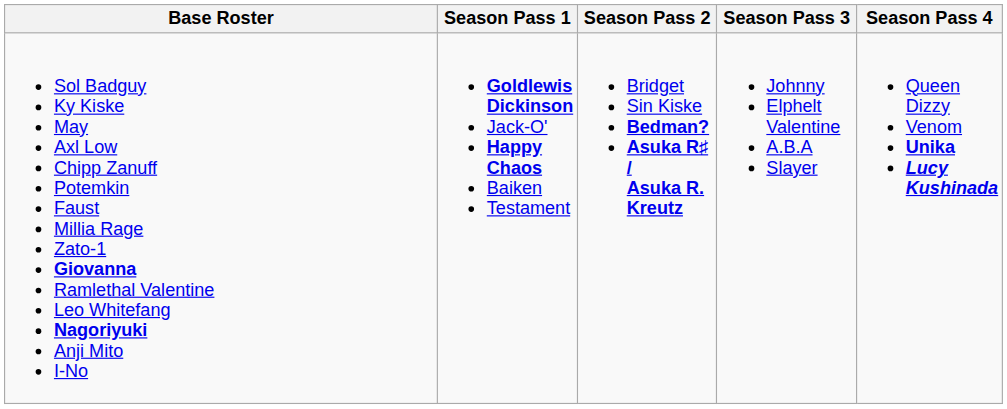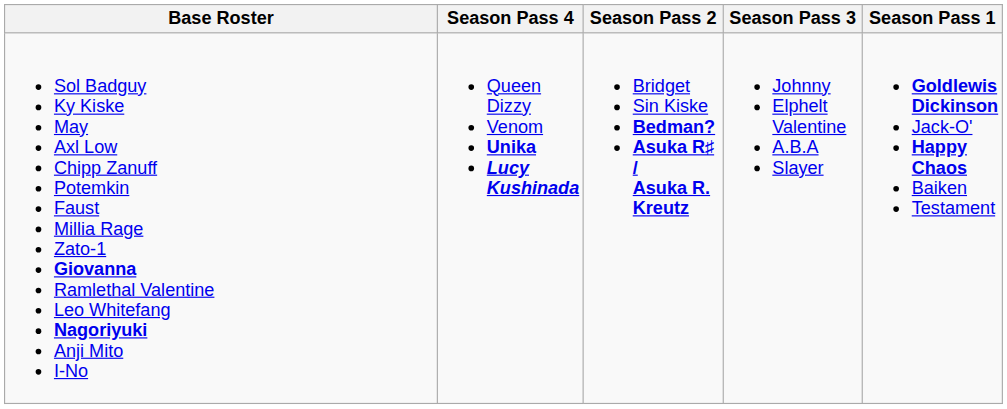 <table class="wikitable" style="width: 100%; max-width: 75em;">
 <tr>
 <th scope="col" style="width: 44%">Base Roster</th>
-<th scope="col" style="width: 14%">Season Pass 1</th>
+<th scope="col" style="width: 14%">Season Pass 4</th>
 <th scope="col" style="width: 14%">Season Pass 2</th>
 <th scope="col" style="width: 14%">Season Pass 3</th>
-<th scope="col" style="width: 14%">Season Pass 4</th>
+<th scope="col" style="width: 14%">Season Pass 1</th>
 </tr>
 <tr>
 <td style="vertical-align: top;"><br><ul><li><a href='#'>Sol Badguy</a></li><li><a href='#'>Ky Kiske</a></li><li><a href='#'>May</a></li><li><a href='#'>Axl Low</a></li><li><a href='#'>Chipp Zanuff</a></li><li><a href='#'>Potemkin</a></li><li><a href='#'>Faust</a></li><li><a href='#'>Millia Rage</a></li><li><a href='#'>Zato-1</a></li><li><strong><a href='#'>Giovanna</a></strong></li><li><a href='#'>Ramlethal Valentine</a></li><li><a href='#'>Leo Whitefang</a></li><li><strong><a href='#'>Nagoriyuki</a></strong></li><li><a href='#'>Anji Mito</a></li><li><a href='#'>I-No</a></li></ul></td>
-<td style="vertical-align: top;"><br><ul><li><strong><a href='#'>Goldlewis Dickinson</a></strong></li><li><a href='#'>Jack-O'</a></li><li><strong><a href='#'>Happy Chaos</a></strong></li><li><a href='#'>Baiken</a></li><li><a href='#'>Testament</a></li></ul></td>
+<td style="vertical-align: top;"><br><ul><li><a href='#'>Queen Dizzy</a></li><li><a href='#'>Venom</a></li><li><strong><a href='#'>Unika</a></strong></li><li><strong><em><a href='#'>Lucy Kushinada</a></em></strong></li></ul></td>
 <td style="vertical-align: top;"><br><ul><li><a href='#'>Bridget</a></li><li><a href='#'>Sin Kiske</a></li><li><strong><a href='#'>Bedman?</a></strong></li><li><a href='#'><strong>Asuka R♯ /<br>Asuka R. Kreutz</strong></a></li></ul></td>
 <td style="vertical-align: top;"><br><ul><li><a href='#'>Johnny</a></li><li><a href='#'>Elphelt Valentine</a></li><li><a href='#'>A.B.A</a></li><li><a href='#'>Slayer</a></li></ul></td>
-<td style="vertical-align: top;"><br><ul><li><a href='#'>Queen Dizzy</a></li><li><a href='#'>Venom</a></li><li><strong><a href='#'>Unika</a></strong></li><li><strong><em><a href='#'>Lucy Kushinada</a></em></strong></li></ul></td>
+<td style="vertical-align: top;"><br><ul><li><strong><a href='#'>Goldlewis Dickinson</a></strong></li><li><a href='#'>Jack-O'</a></li><li><strong><a href='#'>Happy Chaos</a></strong></li><li><a href='#'>Baiken</a></li><li><a href='#'>Testament</a></li></ul></td>
 </tr>
 </table>
